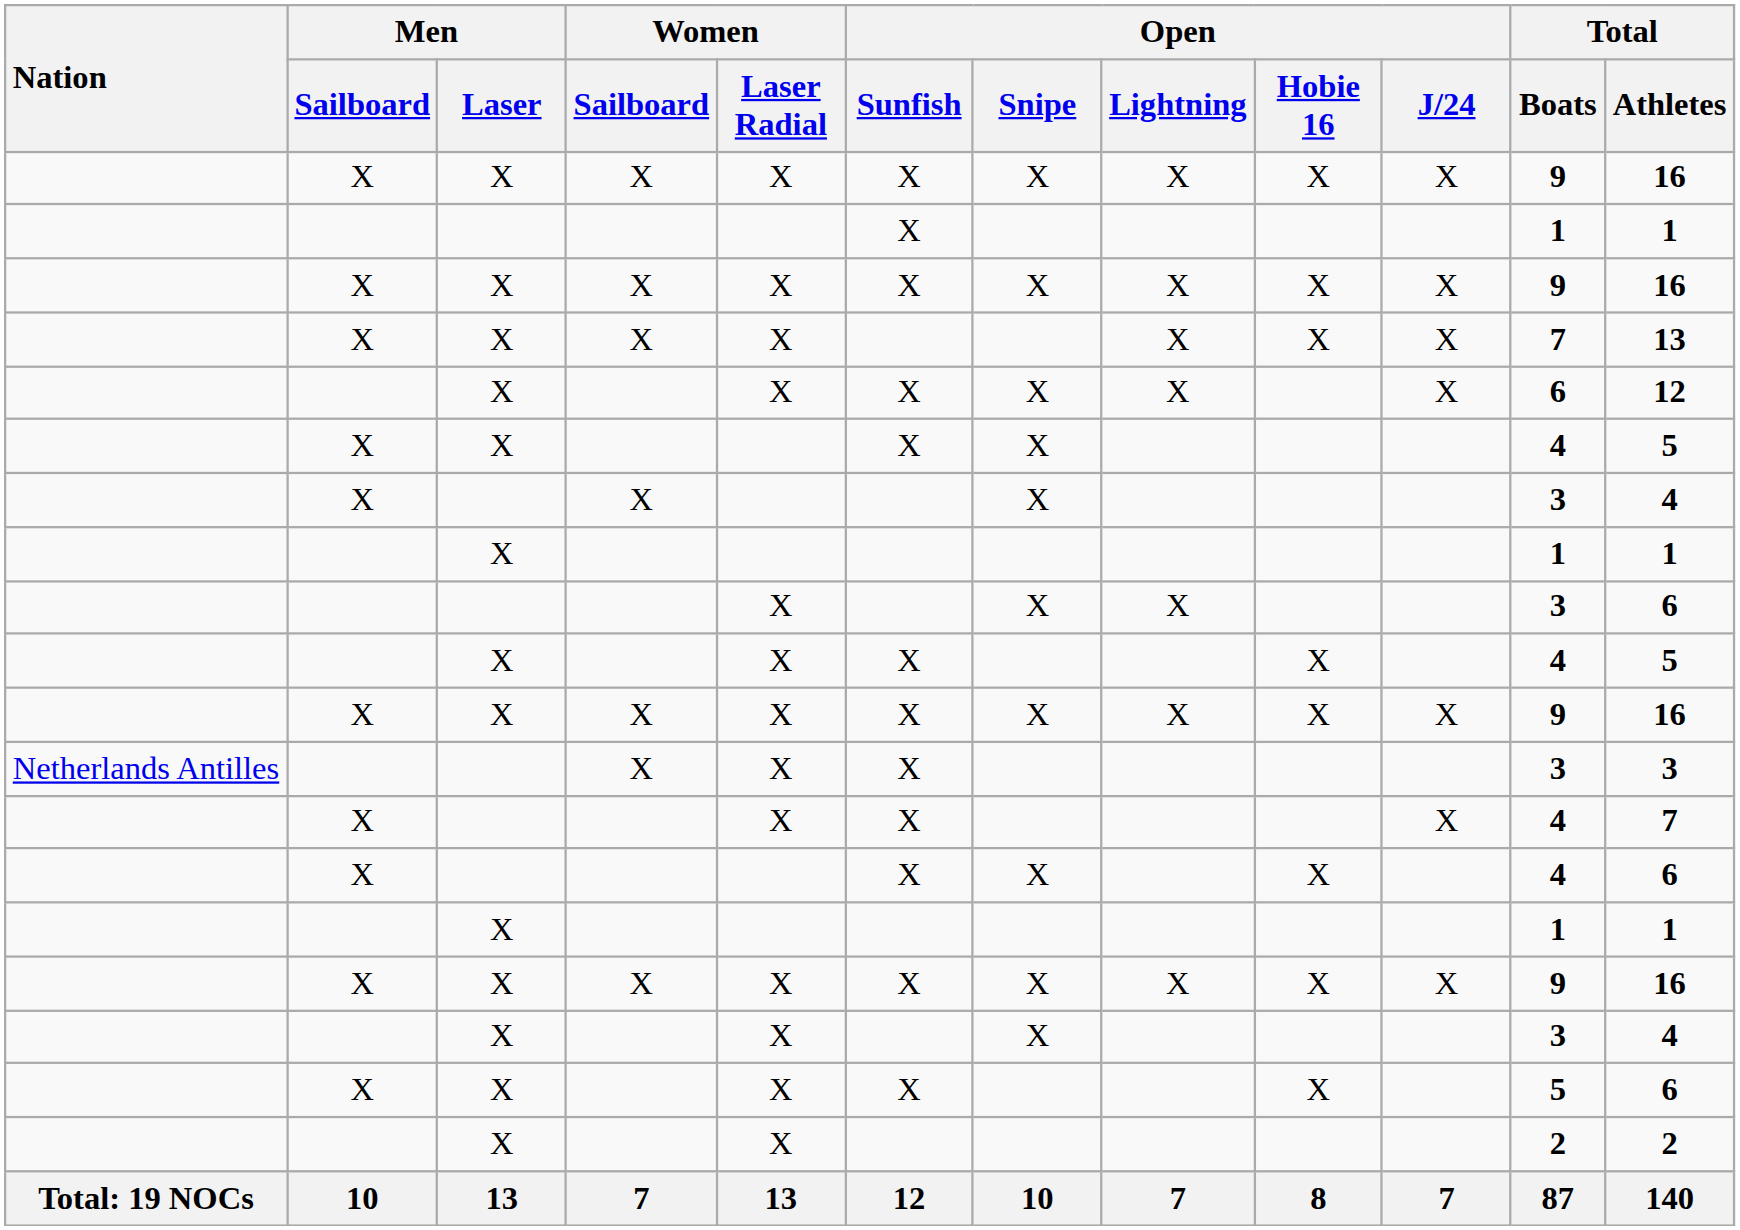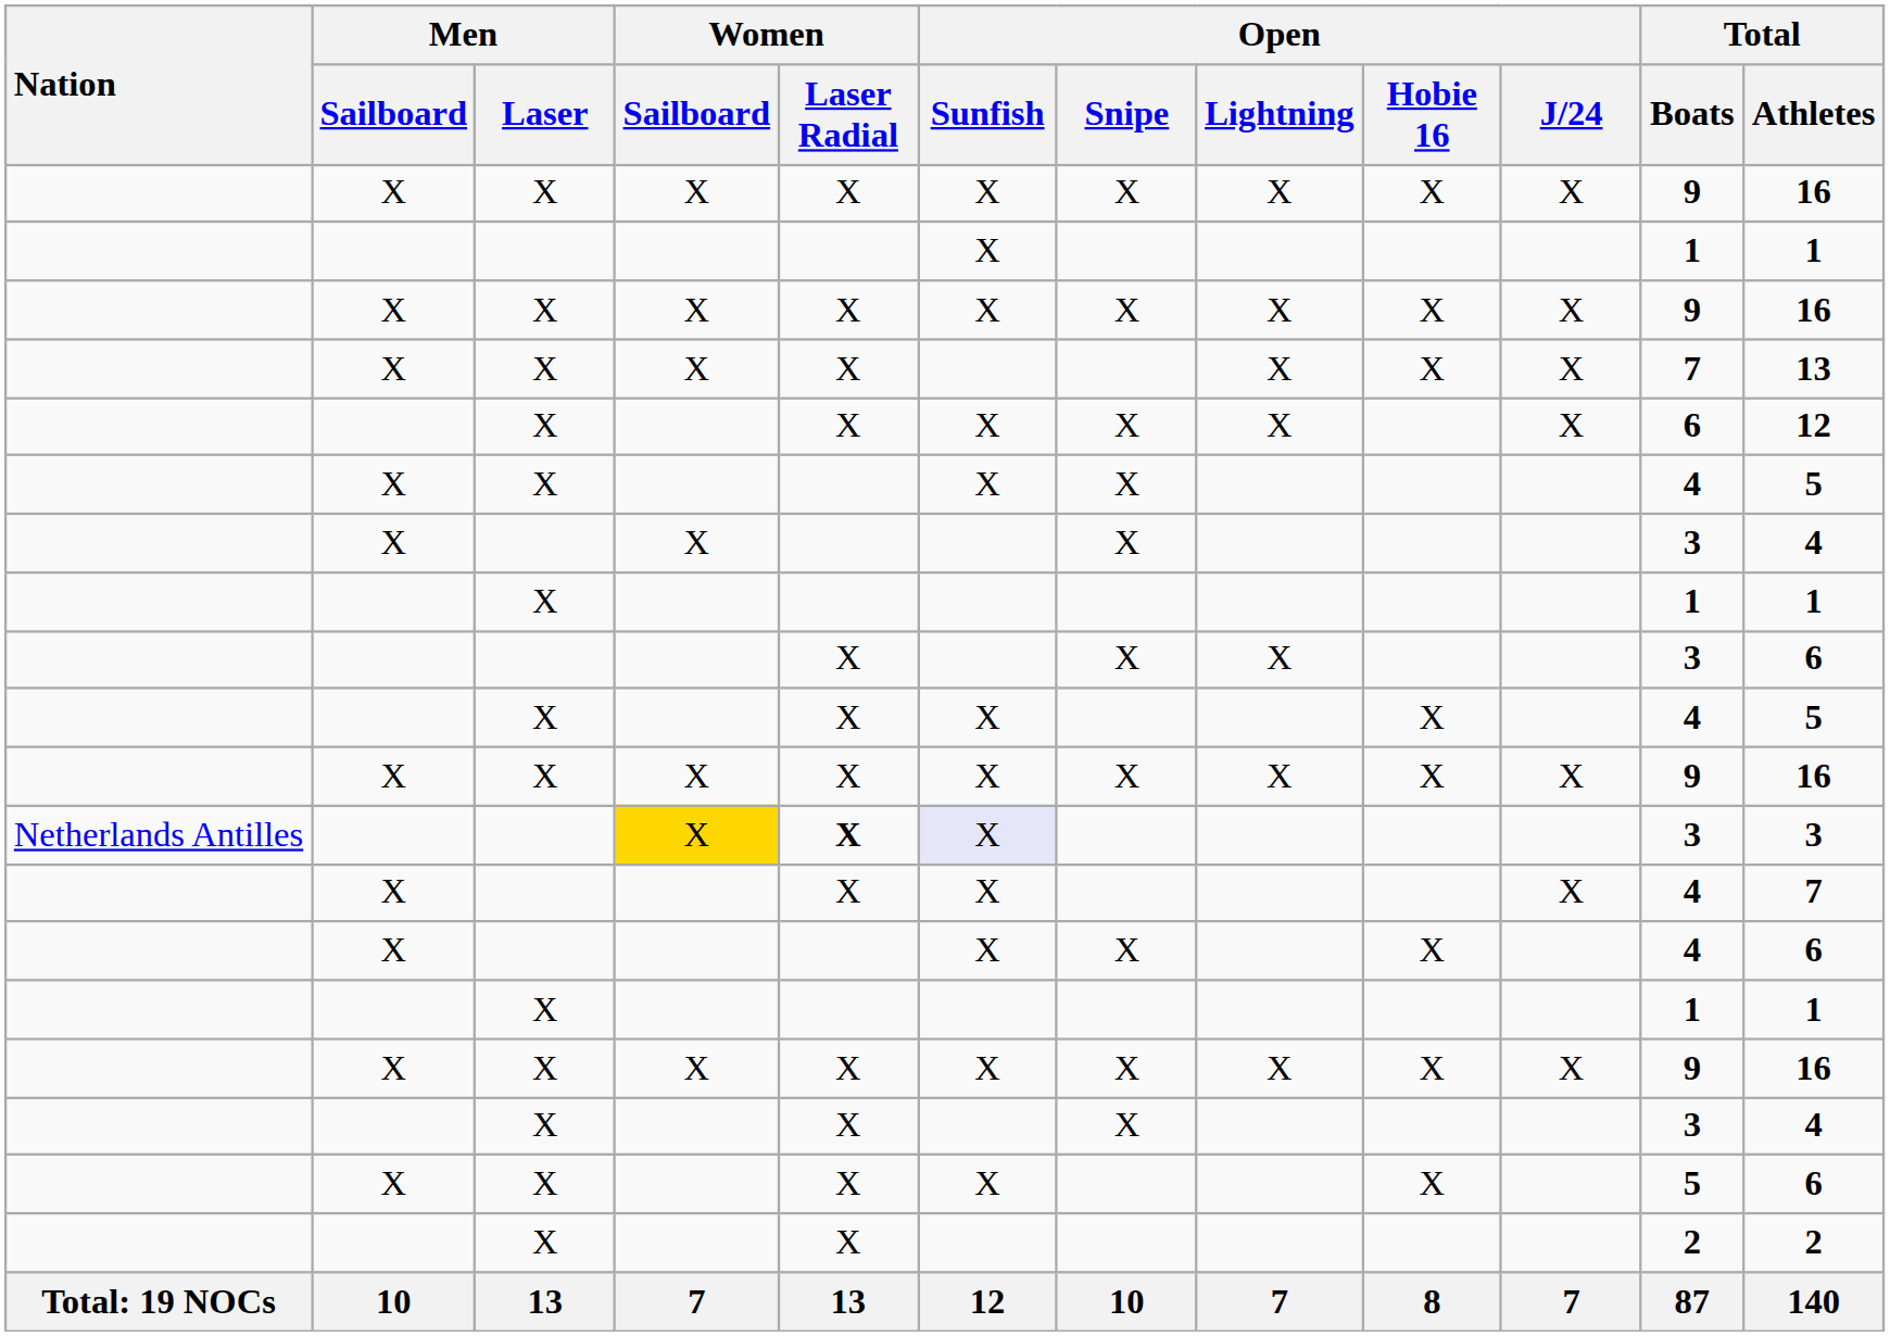 <table class=wikitable style="text-align:center; font-size:90%">
 <tr>
 <th rowspan="2" style="text-align:left;">Nation</th>
 <th colspan="2">Men</th>
 <th colspan="2">Women</th>
 <th colspan=5>Open</th>
 <th colspan=2>Total</th>
 </tr>
 <tr>
 <th width=50><a href='#'>Sailboard</a></th>
 <th width=50><a href='#'>Laser</a></th>
 <th width=50><a href='#'>Sailboard</a></th>
 <th width=50><a href='#'>Laser Radial</a></th>
 <th width=50><a href='#'>Sunfish</a></th>
 <th width=50><a href='#'>Snipe</a></th>
 <th width=50><a href='#'>Lightning</a></th>
 <th width=50><a href='#'>Hobie 16</a></th>
 <th width=50><a href='#'>J/24</a></th>
 <th width=35>Boats</th>
 <th width=49>Athletes</th>
 </tr>
 <tr>
 <td style="text-align:left;"></td>
 <td>X</td>
 <td>X</td>
 <td>X</td>
 <td>X</td>
 <td>X</td>
 <td>X</td>
 <td>X</td>
 <td>X</td>
 <td>X</td>
 <td><strong>9</strong></td>
 <td><strong>16</strong></td>
 </tr>
 <tr>
 <td style="text-align:left;"></td>
 <td></td>
 <td></td>
 <td></td>
 <td></td>
 <td>X</td>
 <td></td>
 <td></td>
 <td></td>
 <td></td>
 <td><strong>1</strong></td>
 <td><strong>1</strong></td>
 </tr>
 <tr>
 <td style="text-align:left;"></td>
 <td>X</td>
 <td>X</td>
 <td>X</td>
 <td>X</td>
 <td>X</td>
 <td>X</td>
 <td>X</td>
 <td>X</td>
 <td>X</td>
 <td><strong>9</strong></td>
 <td><strong>16</strong></td>
 </tr>
 <tr>
 <td style="text-align:left;"></td>
 <td>X</td>
 <td>X</td>
 <td>X</td>
 <td>X</td>
 <td></td>
 <td></td>
 <td>X</td>
 <td>X</td>
 <td>X</td>
 <td><strong>7</strong></td>
 <td><strong>13</strong></td>
 </tr>
 <tr>
 <td style="text-align:left;"></td>
 <td></td>
 <td>X</td>
 <td></td>
 <td>X</td>
 <td>X</td>
 <td>X</td>
 <td>X</td>
 <td></td>
 <td>X</td>
 <td><strong>6</strong></td>
 <td><strong>12</strong></td>
 </tr>
 <tr>
 <td style="text-align:left;"></td>
 <td>X</td>
 <td>X</td>
 <td></td>
 <td></td>
 <td>X</td>
 <td>X</td>
 <td></td>
 <td></td>
 <td></td>
 <td><strong>4</strong></td>
 <td><strong>5</strong></td>
 </tr>
 <tr>
 <td style="text-align:left;"></td>
 <td>X</td>
 <td></td>
 <td>X</td>
 <td></td>
 <td></td>
 <td>X</td>
 <td></td>
 <td></td>
 <td></td>
 <td><strong>3</strong></td>
 <td><strong>4</strong></td>
 </tr>
 <tr>
 <td style="text-align:left;"></td>
 <td></td>
 <td>X</td>
 <td></td>
 <td></td>
 <td></td>
 <td></td>
 <td></td>
 <td></td>
 <td></td>
 <td><strong>1</strong></td>
 <td><strong>1</strong></td>
 </tr>
 <tr>
 <td style="text-align:left;"></td>
 <td></td>
 <td></td>
 <td></td>
 <td>X</td>
 <td></td>
 <td>X</td>
 <td>X</td>
 <td></td>
 <td></td>
 <td><strong>3</strong></td>
 <td><strong>6</strong></td>
 </tr>
 <tr>
 <td style="text-align:left;"></td>
 <td></td>
 <td>X</td>
 <td></td>
 <td>X</td>
 <td>X</td>
 <td></td>
 <td></td>
 <td>X</td>
 <td></td>
 <td><strong>4</strong></td>
 <td><strong>5</strong></td>
 </tr>
 <tr>
 <td style="text-align:left;"></td>
 <td>X</td>
 <td>X</td>
 <td>X</td>
 <td>X</td>
 <td>X</td>
 <td>X</td>
 <td>X</td>
 <td>X</td>
 <td>X</td>
 <td><strong>9</strong></td>
 <td><strong>16</strong></td>
 </tr>
 <tr>
 <td style="text-align:left;"> <a href='#'>Netherlands Antilles</a></td>
 <td></td>
 <td></td>
-<td>X</td>
-<td>X</td>
-<td>X</td>
+<td style="background: gold;">X</td>
+<td><strong>X</strong></td>
+<td style="background: lavender;">X</td>
 <td></td>
 <td></td>
 <td></td>
 <td></td>
 <td><strong>3</strong></td>
 <td><strong>3</strong></td>
 </tr>
 <tr>
 <td style="text-align:left;"></td>
 <td>X</td>
 <td></td>
 <td></td>
 <td>X</td>
 <td>X</td>
 <td></td>
 <td></td>
 <td></td>
 <td>X</td>
 <td><strong>4</strong></td>
 <td><strong>7</strong></td>
 </tr>
 <tr>
 <td style="text-align:left;"></td>
 <td>X</td>
 <td></td>
 <td></td>
 <td></td>
 <td>X</td>
 <td>X</td>
 <td></td>
 <td>X</td>
 <td></td>
 <td><strong>4</strong></td>
 <td><strong>6</strong></td>
 </tr>
 <tr>
 <td style="text-align:left;"></td>
 <td></td>
 <td>X</td>
 <td></td>
 <td></td>
 <td></td>
 <td></td>
 <td></td>
 <td></td>
 <td></td>
 <td><strong>1</strong></td>
 <td><strong>1</strong></td>
 </tr>
 <tr>
 <td style="text-align:left;"></td>
 <td>X</td>
 <td>X</td>
 <td>X</td>
 <td>X</td>
 <td>X</td>
 <td>X</td>
 <td>X</td>
 <td>X</td>
 <td>X</td>
 <td><strong>9</strong></td>
 <td><strong>16</strong></td>
 </tr>
 <tr>
 <td style="text-align:left;"></td>
 <td></td>
 <td>X</td>
 <td></td>
 <td>X</td>
 <td></td>
 <td>X</td>
 <td></td>
 <td></td>
 <td></td>
 <td><strong>3</strong></td>
 <td><strong>4</strong></td>
 </tr>
 <tr>
 <td style="text-align:left;"></td>
 <td>X</td>
 <td>X</td>
 <td></td>
 <td>X</td>
 <td>X</td>
 <td></td>
 <td></td>
 <td>X</td>
 <td></td>
 <td><strong>5</strong></td>
 <td><strong>6</strong></td>
 </tr>
 <tr>
 <td style="text-align:left;"></td>
 <td></td>
 <td>X</td>
 <td></td>
 <td>X</td>
 <td></td>
 <td></td>
 <td></td>
 <td></td>
 <td></td>
 <td><strong>2</strong></td>
 <td><strong>2</strong></td>
 </tr>
 <tr>
 <th>Total: 19 NOCs</th>
 <th>10</th>
 <th>13</th>
 <th>7</th>
 <th>13</th>
 <th>12</th>
 <th>10</th>
 <th>7</th>
 <th>8</th>
 <th>7</th>
 <th>87</th>
 <th>140</th>
 </tr>
 </table>
